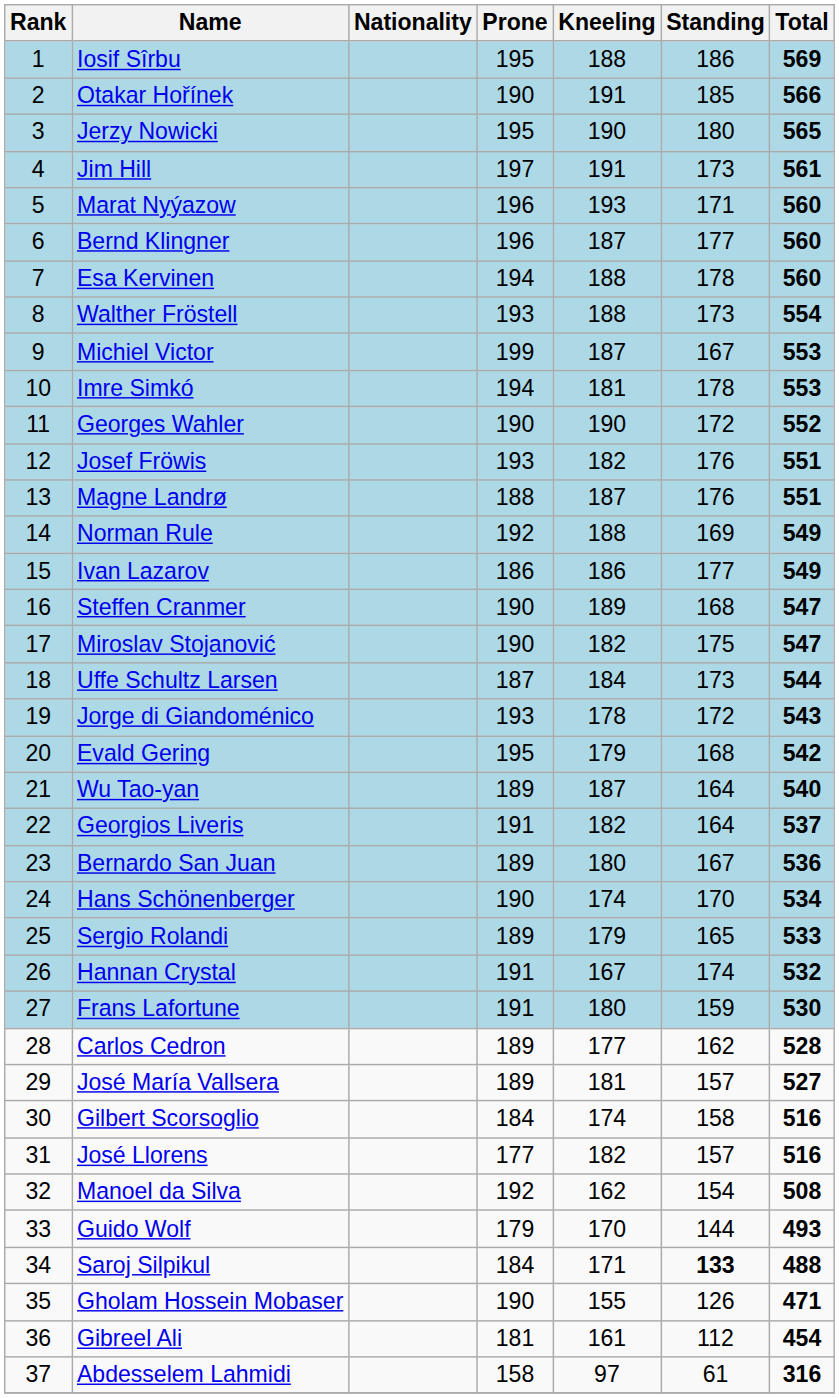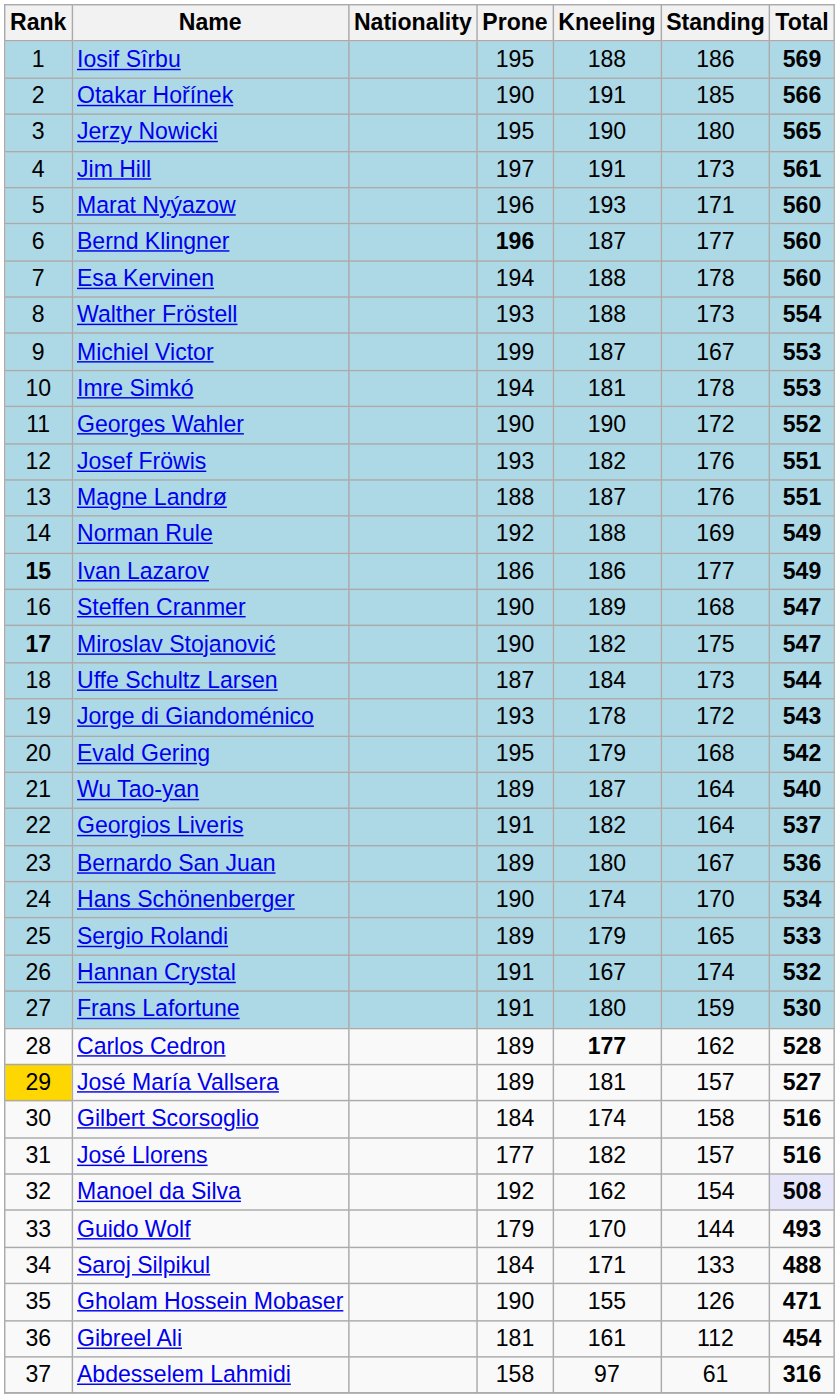 <table class="wikitable sortable" style="text-align:center">
 <tr>
 <th>Rank</th>
 <th>Name</th>
 <th>Nationality</th>
 <th>Prone</th>
 <th>Kneeling</th>
 <th>Standing</th>
 <th>Total</th>
 </tr>
 <tr bgcolor=lightblue>
 <td>1</td>
 <td align=left><a href='#'>Iosif Sîrbu</a></td>
 <td align=left></td>
 <td>195</td>
 <td>188</td>
 <td>186</td>
 <td><strong>569</strong></td>
 </tr>
 <tr bgcolor=lightblue>
 <td>2</td>
 <td align=left><a href='#'>Otakar Hořínek</a></td>
 <td align=left></td>
 <td>190</td>
 <td>191</td>
 <td>185</td>
 <td><strong>566</strong></td>
 </tr>
 <tr bgcolor=lightblue>
 <td>3</td>
 <td align=left><a href='#'>Jerzy Nowicki</a></td>
 <td align=left></td>
 <td>195</td>
 <td>190</td>
 <td>180</td>
 <td><strong>565</strong></td>
 </tr>
 <tr bgcolor=lightblue>
 <td>4</td>
 <td align=left><a href='#'>Jim Hill</a></td>
 <td align=left></td>
 <td>197</td>
 <td>191</td>
 <td>173</td>
 <td><strong>561</strong></td>
 </tr>
 <tr bgcolor=lightblue>
 <td>5</td>
 <td align=left><a href='#'>Marat Nyýazow</a></td>
 <td align=left></td>
 <td>196</td>
 <td>193</td>
 <td>171</td>
 <td><strong>560</strong></td>
 </tr>
 <tr bgcolor=lightblue>
 <td>6</td>
 <td align=left><a href='#'>Bernd Klingner</a></td>
 <td align=left></td>
-<td>196</td>
+<td><strong>196</strong></td>
 <td>187</td>
 <td>177</td>
 <td><strong>560</strong></td>
 </tr>
 <tr bgcolor=lightblue>
 <td>7</td>
 <td align=left><a href='#'>Esa Kervinen</a></td>
 <td align=left></td>
 <td>194</td>
 <td>188</td>
 <td>178</td>
 <td><strong>560</strong></td>
 </tr>
 <tr bgcolor=lightblue>
 <td>8</td>
 <td align=left><a href='#'>Walther Fröstell</a></td>
 <td align=left></td>
 <td>193</td>
 <td>188</td>
 <td>173</td>
 <td><strong>554</strong></td>
 </tr>
 <tr bgcolor=lightblue>
 <td>9</td>
 <td align=left><a href='#'>Michiel Victor</a></td>
 <td align=left></td>
 <td>199</td>
 <td>187</td>
 <td>167</td>
 <td><strong>553</strong></td>
 </tr>
 <tr bgcolor=lightblue>
 <td>10</td>
 <td align=left><a href='#'>Imre Simkó</a></td>
 <td align=left></td>
 <td>194</td>
 <td>181</td>
 <td>178</td>
 <td><strong>553</strong></td>
 </tr>
 <tr bgcolor=lightblue>
 <td>11</td>
 <td align=left><a href='#'>Georges Wahler</a></td>
 <td align=left></td>
 <td>190</td>
 <td>190</td>
 <td>172</td>
 <td><strong>552</strong></td>
 </tr>
 <tr bgcolor=lightblue>
 <td>12</td>
 <td align=left><a href='#'>Josef Fröwis</a></td>
 <td align=left></td>
 <td>193</td>
 <td>182</td>
 <td>176</td>
 <td><strong>551</strong></td>
 </tr>
 <tr bgcolor=lightblue>
 <td>13</td>
 <td align=left><a href='#'>Magne Landrø</a></td>
 <td align=left></td>
 <td>188</td>
 <td>187</td>
 <td>176</td>
 <td><strong>551</strong></td>
 </tr>
 <tr bgcolor=lightblue>
 <td>14</td>
 <td align=left><a href='#'>Norman Rule</a></td>
 <td align=left></td>
 <td>192</td>
 <td>188</td>
 <td>169</td>
 <td><strong>549</strong></td>
 </tr>
 <tr bgcolor=lightblue>
-<td>15</td>
+<td><strong>15</strong></td>
 <td align=left><a href='#'>Ivan Lazarov</a></td>
 <td align=left></td>
 <td>186</td>
 <td>186</td>
 <td>177</td>
 <td><strong>549</strong></td>
 </tr>
 <tr bgcolor=lightblue>
 <td>16</td>
 <td align=left><a href='#'>Steffen Cranmer</a></td>
 <td align=left></td>
 <td>190</td>
 <td>189</td>
 <td>168</td>
 <td><strong>547</strong></td>
 </tr>
 <tr bgcolor=lightblue>
-<td>17</td>
+<td><strong>17</strong></td>
 <td align=left><a href='#'>Miroslav Stojanović</a></td>
 <td align=left></td>
 <td>190</td>
 <td>182</td>
 <td>175</td>
 <td><strong>547</strong></td>
 </tr>
 <tr bgcolor=lightblue>
 <td>18</td>
 <td align=left><a href='#'>Uffe Schultz Larsen</a></td>
 <td align=left></td>
 <td>187</td>
 <td>184</td>
 <td>173</td>
 <td><strong>544</strong></td>
 </tr>
 <tr bgcolor=lightblue>
 <td>19</td>
 <td align=left><a href='#'>Jorge di Giandoménico</a></td>
 <td align=left></td>
 <td>193</td>
 <td>178</td>
 <td>172</td>
 <td><strong>543</strong></td>
 </tr>
 <tr bgcolor=lightblue>
 <td>20</td>
 <td align=left><a href='#'>Evald Gering</a></td>
 <td align=left></td>
 <td>195</td>
 <td>179</td>
 <td>168</td>
 <td><strong>542</strong></td>
 </tr>
 <tr bgcolor=lightblue>
 <td>21</td>
 <td align=left><a href='#'>Wu Tao-yan</a></td>
 <td align=left></td>
 <td>189</td>
 <td>187</td>
 <td>164</td>
 <td><strong>540</strong></td>
 </tr>
 <tr bgcolor=lightblue>
 <td>22</td>
 <td align=left><a href='#'>Georgios Liveris</a></td>
 <td align=left></td>
 <td>191</td>
 <td>182</td>
 <td>164</td>
 <td><strong>537</strong></td>
 </tr>
 <tr bgcolor=lightblue>
 <td>23</td>
 <td align=left><a href='#'>Bernardo San Juan</a></td>
 <td align=left></td>
 <td>189</td>
 <td>180</td>
 <td>167</td>
 <td><strong>536</strong></td>
 </tr>
 <tr bgcolor=lightblue>
 <td>24</td>
 <td align=left><a href='#'>Hans Schönenberger</a></td>
 <td align=left></td>
 <td>190</td>
 <td>174</td>
 <td>170</td>
 <td><strong>534</strong></td>
 </tr>
 <tr bgcolor=lightblue>
 <td>25</td>
 <td align=left><a href='#'>Sergio Rolandi</a></td>
 <td align=left></td>
 <td>189</td>
 <td>179</td>
 <td>165</td>
 <td><strong>533</strong></td>
 </tr>
 <tr bgcolor=lightblue>
 <td>26</td>
 <td align=left><a href='#'>Hannan Crystal</a></td>
 <td align=left></td>
 <td>191</td>
 <td>167</td>
 <td>174</td>
 <td><strong>532</strong></td>
 </tr>
 <tr bgcolor=lightblue>
 <td>27</td>
 <td align=left><a href='#'>Frans Lafortune</a></td>
 <td align=left></td>
 <td>191</td>
 <td>180</td>
 <td>159</td>
 <td><strong>530</strong></td>
 </tr>
 <tr>
 <td>28</td>
 <td align=left><a href='#'>Carlos Cedron</a></td>
 <td align=left></td>
 <td>189</td>
-<td>177</td>
+<td><strong>177</strong></td>
 <td>162</td>
 <td><strong>528</strong></td>
 </tr>
 <tr>
-<td>29</td>
+<td style="background: gold;">29</td>
 <td align=left><a href='#'>José María Vallsera</a></td>
 <td align=left></td>
 <td>189</td>
 <td>181</td>
 <td>157</td>
 <td><strong>527</strong></td>
 </tr>
 <tr>
 <td>30</td>
 <td align=left><a href='#'>Gilbert Scorsoglio</a></td>
 <td align=left></td>
 <td>184</td>
 <td>174</td>
 <td>158</td>
 <td><strong>516</strong></td>
 </tr>
 <tr>
 <td>31</td>
 <td align=left><a href='#'>José Llorens</a></td>
 <td align=left></td>
 <td>177</td>
 <td>182</td>
 <td>157</td>
 <td><strong>516</strong></td>
 </tr>
 <tr>
 <td>32</td>
 <td align=left><a href='#'>Manoel da Silva</a></td>
 <td align=left></td>
 <td>192</td>
 <td>162</td>
 <td>154</td>
-<td><strong>508</strong></td>
+<td style="background: lavender;"><strong>508</strong></td>
 </tr>
 <tr>
 <td>33</td>
 <td align=left><a href='#'>Guido Wolf</a></td>
 <td align=left></td>
 <td>179</td>
 <td>170</td>
 <td>144</td>
 <td><strong>493</strong></td>
 </tr>
 <tr>
 <td>34</td>
 <td align=left><a href='#'>Saroj Silpikul</a></td>
 <td align=left></td>
 <td>184</td>
 <td>171</td>
-<td><strong>133</strong></td>
+<td>133</td>
 <td><strong>488</strong></td>
 </tr>
 <tr>
 <td>35</td>
 <td align=left><a href='#'>Gholam Hossein Mobaser</a></td>
 <td align=left></td>
 <td>190</td>
 <td>155</td>
 <td>126</td>
 <td><strong>471</strong></td>
 </tr>
 <tr>
 <td>36</td>
 <td align=left><a href='#'>Gibreel Ali</a></td>
 <td align=left></td>
 <td>181</td>
 <td>161</td>
 <td>112</td>
 <td><strong>454</strong></td>
 </tr>
 <tr>
 <td>37</td>
 <td align=left><a href='#'>Abdesselem Lahmidi</a></td>
 <td align=left></td>
 <td>158</td>
 <td>97</td>
 <td>61</td>
 <td><strong>316</strong></td>
 </tr>
 <tr>
 </tr>
 </table>
